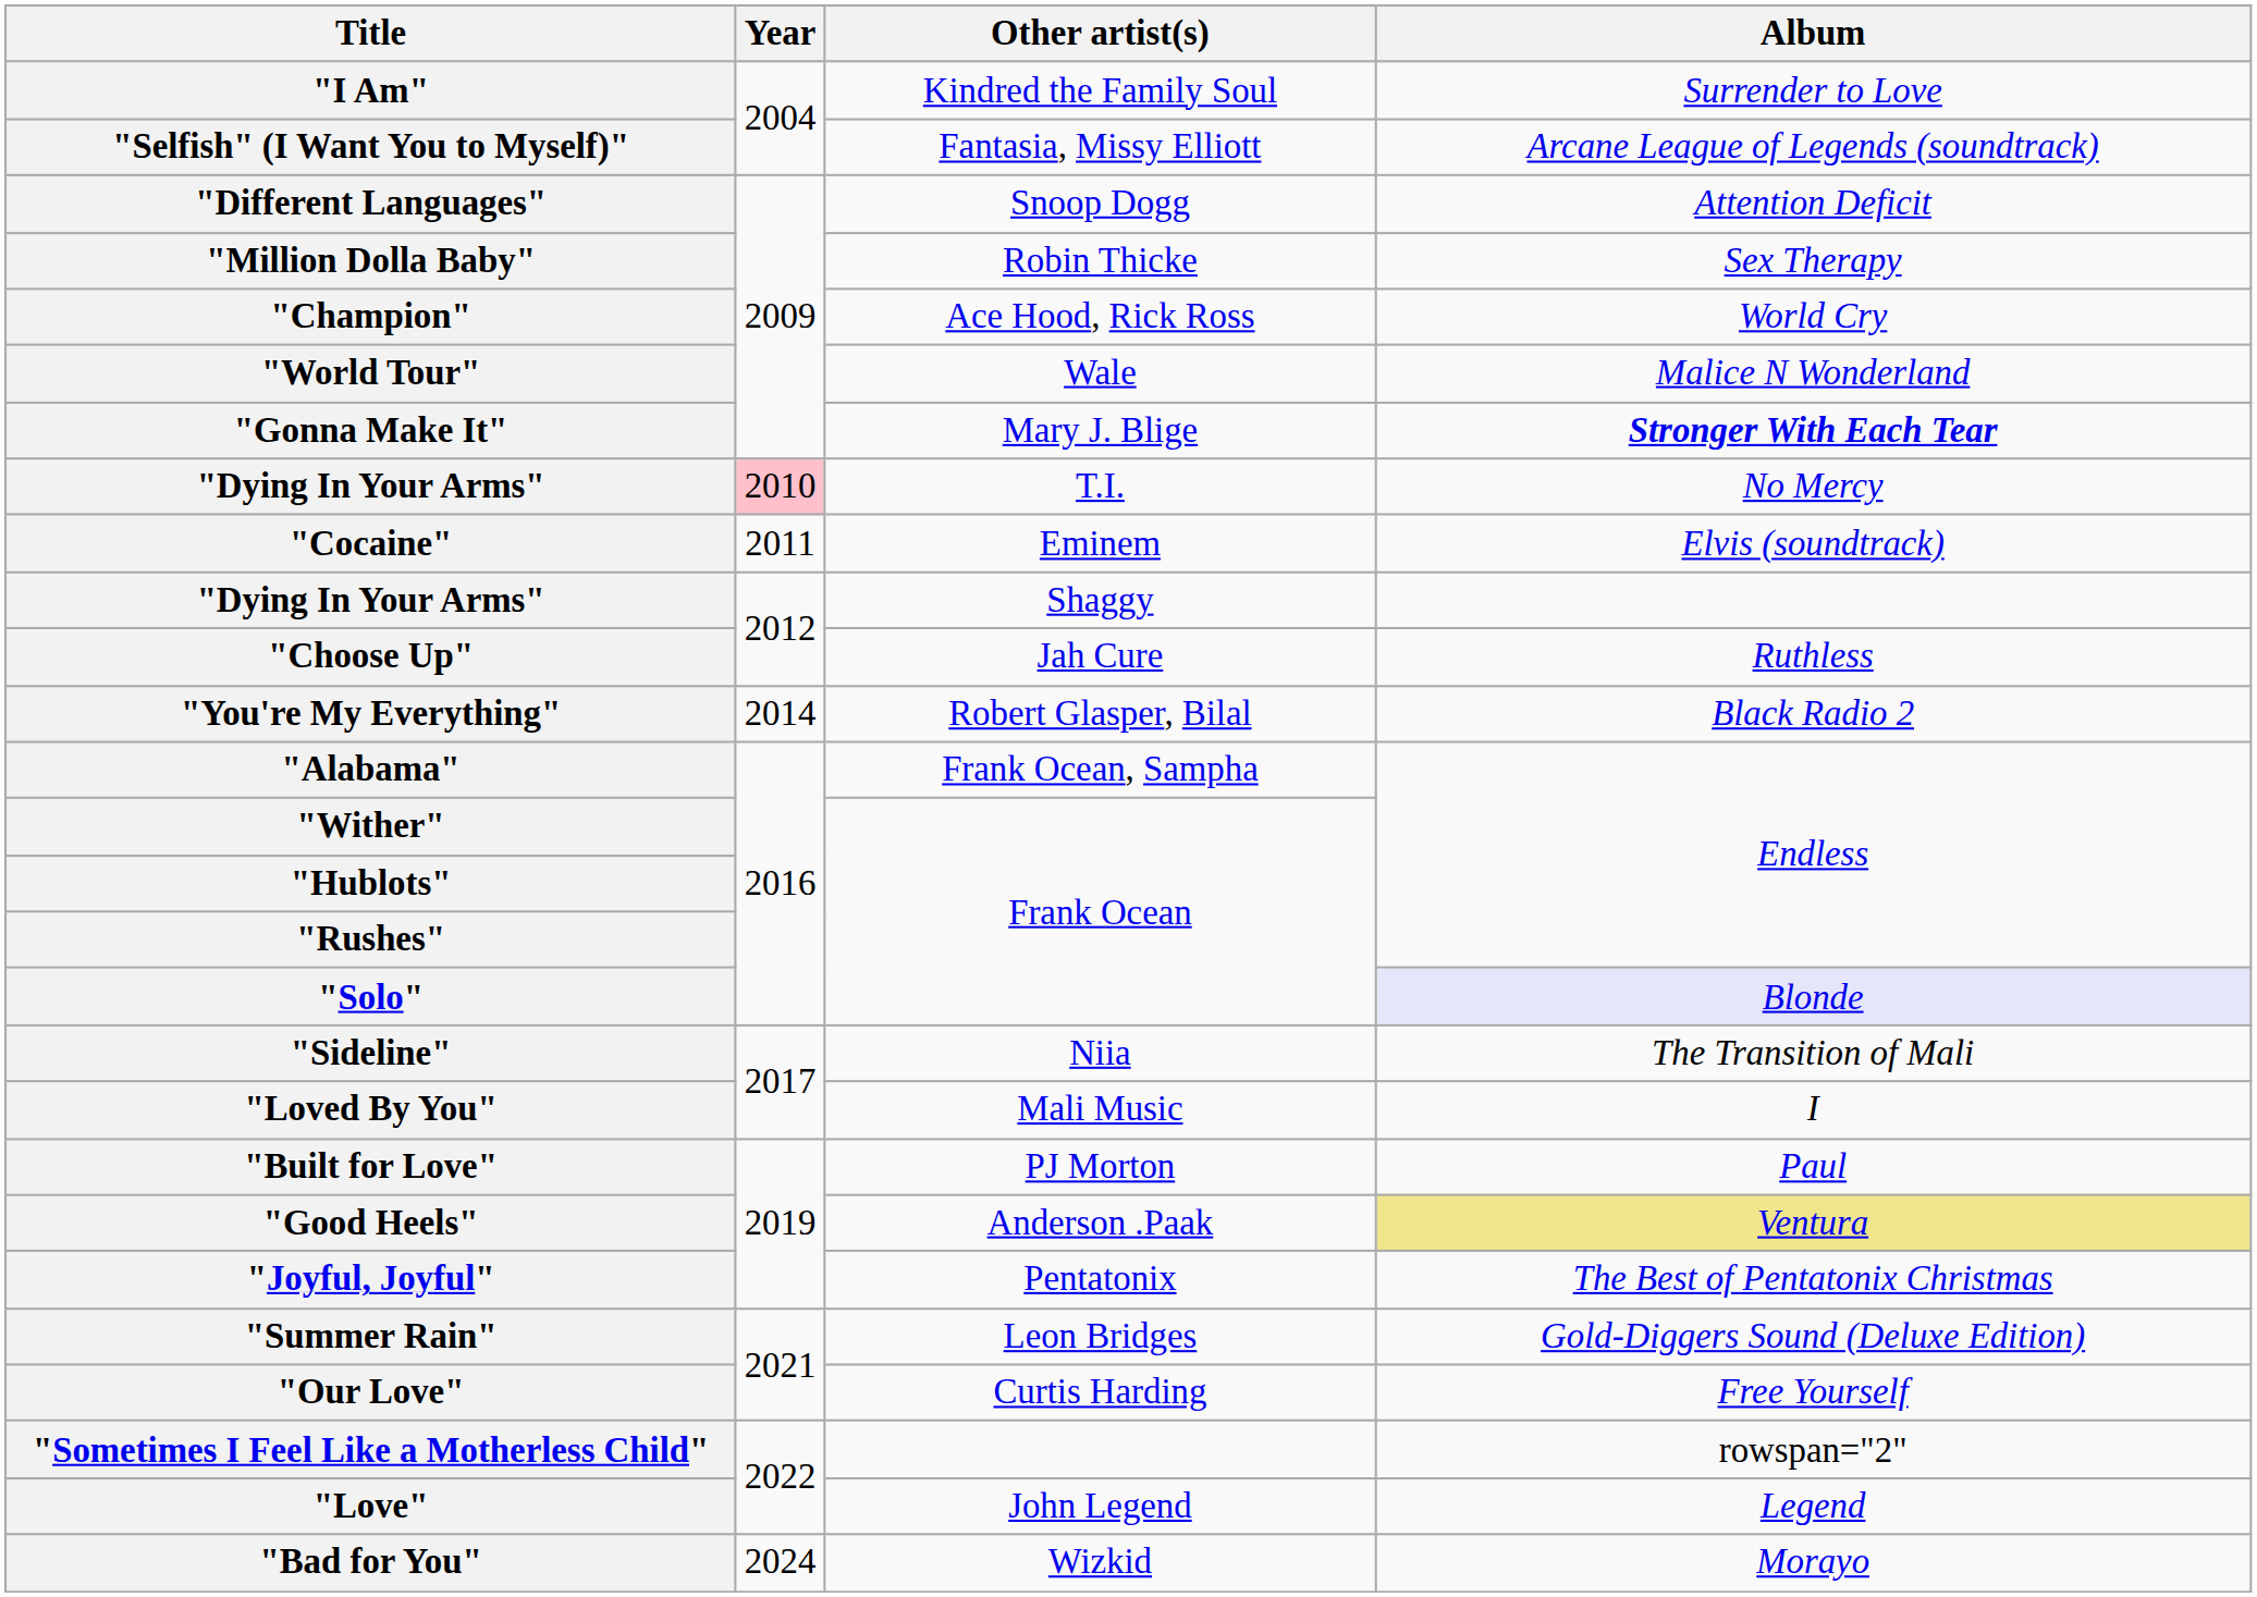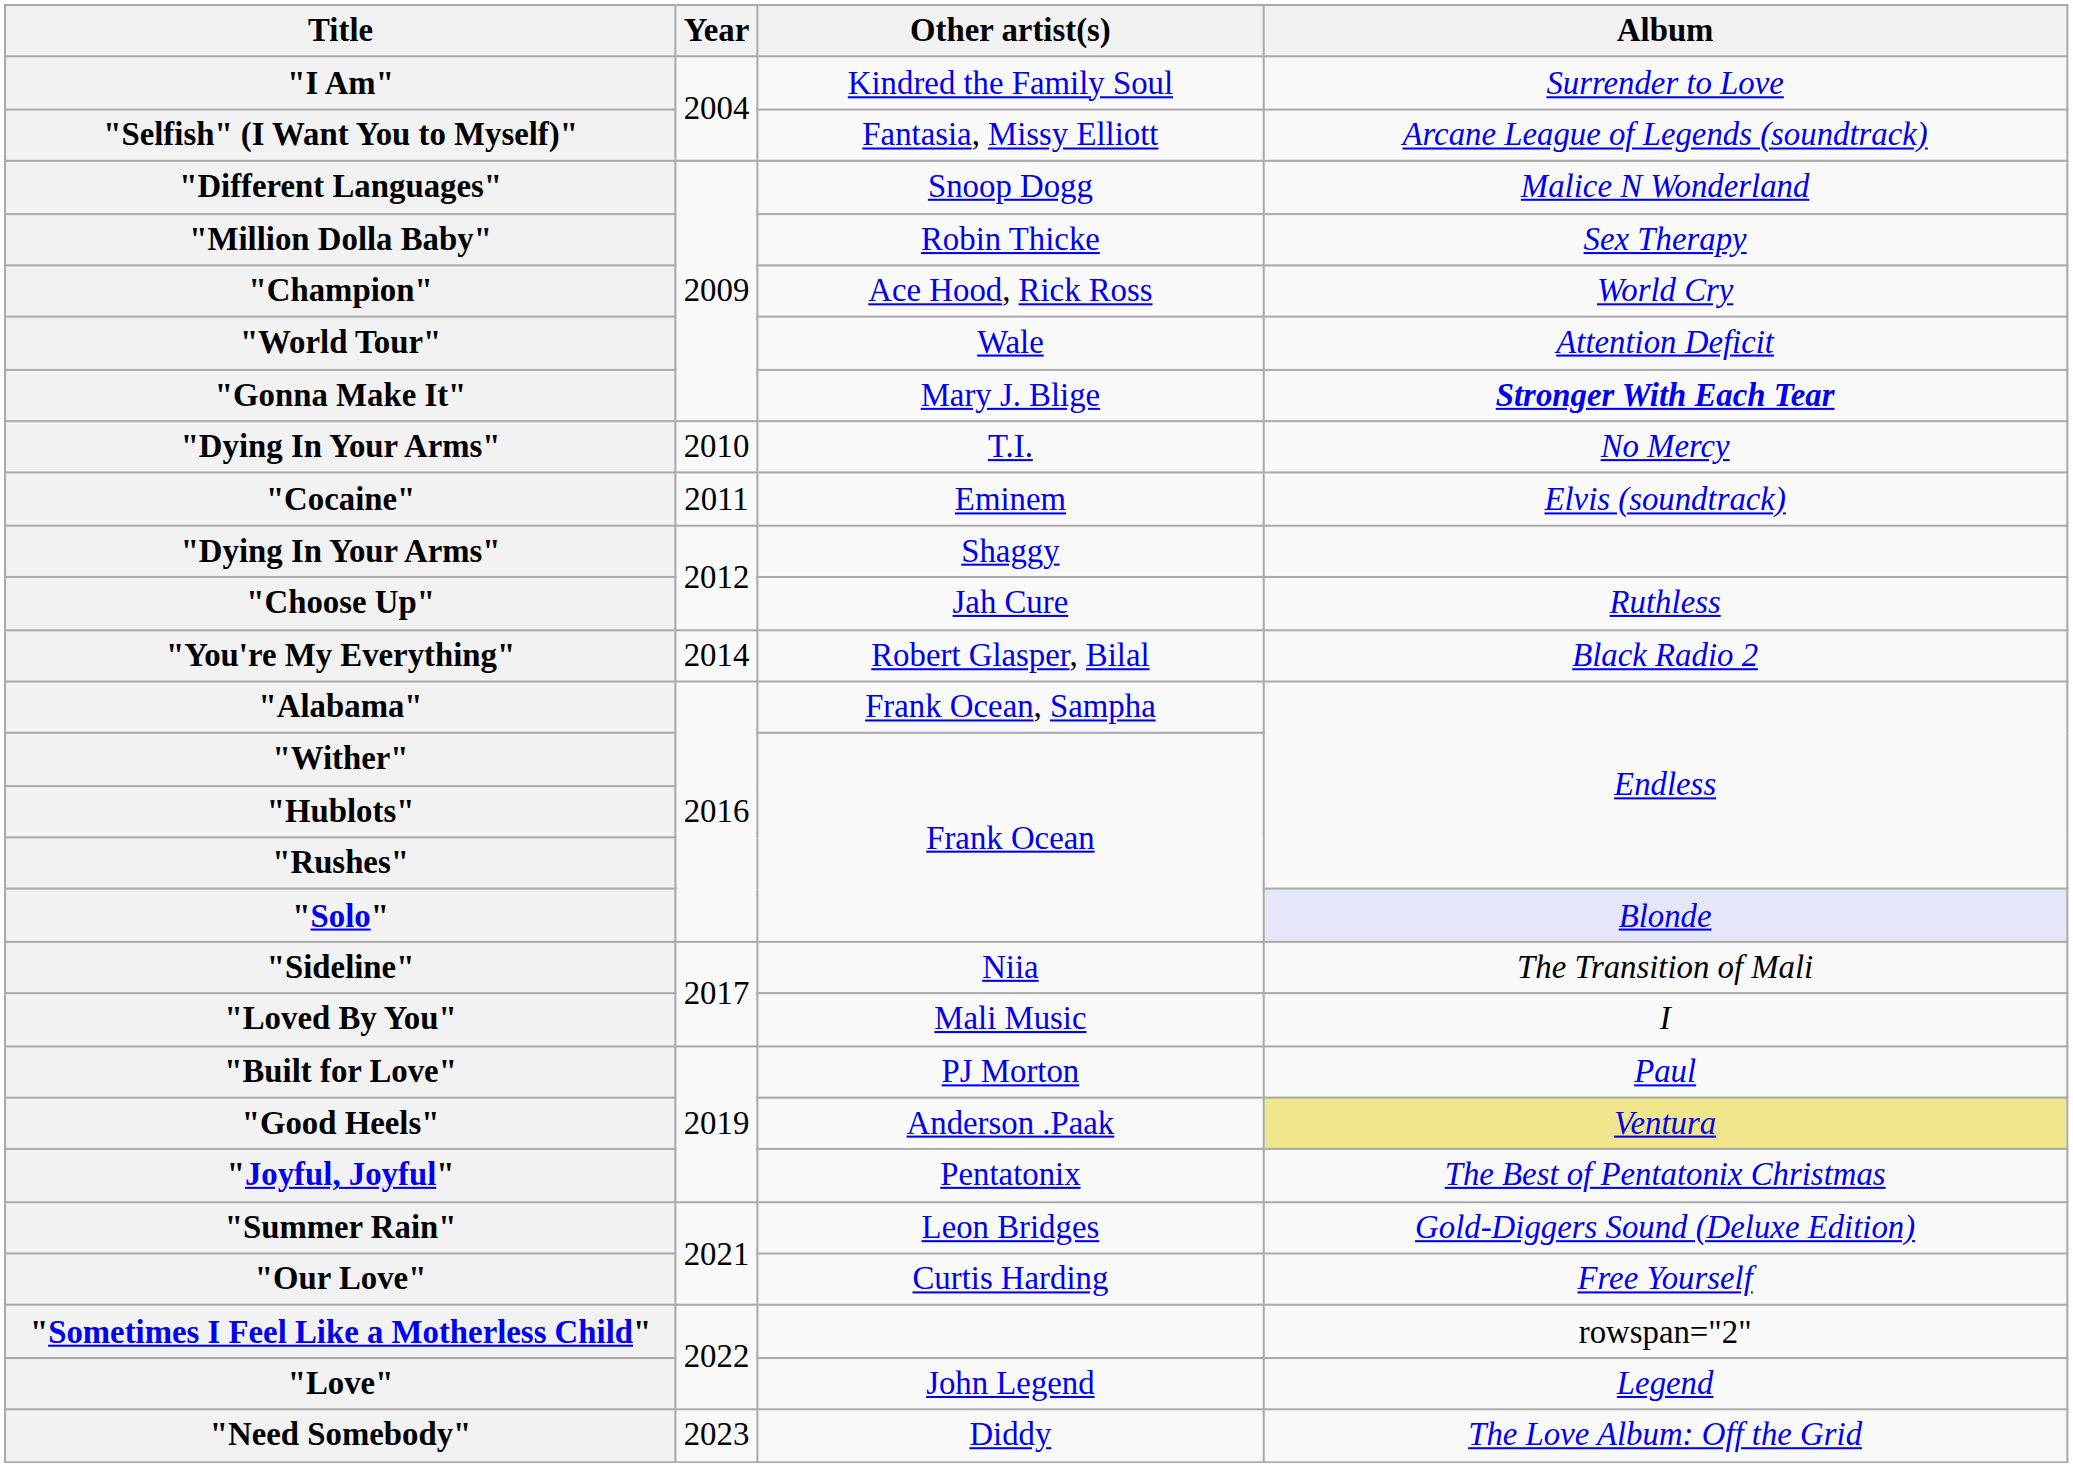 <table class="wikitable plainrowheaders" style="text-align:center;">
 <tr>
 <th scope="col" style="width:20em;">Title</th>
 <th scope="col" style="width:1em;">Year</th>
 <th scope="col" style="width:15em;">Other artist(s)</th>
 <th scope="col" style="width:24em;">Album</th>
 </tr>
 <tr>
 <th scope="row">"I Am"</th>
 <td rowspan="2">2004</td>
 <td><a href='#'>Kindred the Family Soul</a></td>
 <td><em><a href='#'>Surrender to Love</a></em></td>
 </tr>
 <tr>
 <th scope="row">"Selfish" (I Want You to Myself)"</th>
 <td><a href='#'>Fantasia</a>, <a href='#'>Missy Elliott</a></td>
 <td><em><a href='#'>Arcane League of Legends (soundtrack)</a></em></td>
 </tr>
 <tr>
 <th scope="row">"Different Languages"</th>
 <td rowspan="5">2009</td>
 <td><a href='#'>Snoop Dogg</a></td>
-<td><em><a href='#'>Attention Deficit</a></em></td>
+<td><em><a href='#'>Malice N Wonderland</a></em></td>
 </tr>
 <tr>
 <th scope="row">"Million Dolla Baby"</th>
 <td><a href='#'>Robin Thicke</a></td>
 <td><em><a href='#'>Sex Therapy</a></em></td>
 </tr>
 <tr>
 <th scope="row">"Champion"</th>
 <td><a href='#'>Ace Hood</a>, <a href='#'>Rick Ross</a></td>
 <td><em><a href='#'>World Cry</a></em></td>
 </tr>
 <tr>
 <th scope="row">"World Tour"</th>
 <td><a href='#'>Wale</a></td>
-<td><em><a href='#'>Malice N Wonderland</a></em></td>
+<td><em><a href='#'>Attention Deficit</a></em></td>
 </tr>
 <tr>
 <th scope="row">"Gonna Make It"</th>
 <td><a href='#'>Mary J. Blige</a></td>
 <td><strong><em><a href='#'>Stronger With Each Tear</a></em></strong></td>
 </tr>
 <tr>
 <th scope="row">"Dying In Your Arms"</th>
-<td style="background: pink;">2010</td>
+<td>2010</td>
 <td><a href='#'>T.I.</a></td>
 <td><em><a href='#'>No Mercy</a></em></td>
 </tr>
 <tr>
 <th scope="row">"Cocaine"</th>
 <td>2011</td>
 <td><a href='#'>Eminem</a></td>
 <td><em><a href='#'>Elvis (soundtrack)</a></em></td>
 </tr>
 <tr>
 <th scope="row">"Dying In Your Arms"</th>
 <td rowspan="2">2012</td>
 <td><a href='#'>Shaggy</a></td>
 </tr>
 <tr>
 <th scope="row">"Choose Up"</th>
 <td><a href='#'>Jah Cure</a></td>
 <td><em><a href='#'>Ruthless</a></em></td>
 </tr>
 <tr>
 <th scope="row">"You're My Everything"</th>
 <td>2014</td>
 <td><a href='#'>Robert Glasper</a>, <a href='#'>Bilal</a></td>
 <td><em><a href='#'>Black Radio 2</a></em></td>
 </tr>
 <tr>
 <th scope="row">"Alabama"</th>
 <td rowspan="5">2016</td>
 <td><a href='#'>Frank Ocean</a>, <a href='#'>Sampha</a></td>
 <td rowspan="4"><em><a href='#'>Endless</a></em></td>
 </tr>
 <tr>
 <th scope="row">"Wither"</th>
 <td rowspan="4"><a href='#'>Frank Ocean</a></td>
 </tr>
 <tr>
 <th scope="row">"Hublots"</th>
 </tr>
 <tr>
 <th scope="row">"Rushes"</th>
 </tr>
 <tr>
 <th scope="row">"<a href='#'>Solo</a>"</th>
 <td style="background: lavender;"><em><a href='#'>Blonde</a></em></td>
 </tr>
 <tr>
 <th scope="row">"Sideline"</th>
 <td rowspan="2">2017</td>
 <td><a href='#'>Niia</a></td>
 <td><em>The Transition of Mali</em></td>
 </tr>
 <tr>
 <th scope="row">"Loved By You"</th>
 <td><a href='#'>Mali Music</a></td>
 <td><em>I</em></td>
 </tr>
 <tr>
 <th scope="row">"Built for Love"</th>
 <td rowspan="3">2019</td>
 <td><a href='#'>PJ Morton</a></td>
 <td><em><a href='#'>Paul</a></em></td>
 </tr>
 <tr>
 <th scope="row">"Good Heels"</th>
 <td><a href='#'>Anderson .Paak</a></td>
 <td style="background: khaki;"><em><a href='#'>Ventura</a></em></td>
 </tr>
 <tr>
 <th scope="row">"<a href='#'>Joyful, Joyful</a>"</th>
 <td><a href='#'>Pentatonix</a></td>
 <td><em><a href='#'>The Best of Pentatonix Christmas</a></em></td>
 </tr>
 <tr>
 <th scope="row">"Summer Rain"</th>
 <td rowspan="2">2021</td>
 <td><a href='#'>Leon Bridges</a></td>
 <td><em><a href='#'>Gold-Diggers Sound (Deluxe Edition)</a></em></td>
 </tr>
 <tr>
 <th scope="row">"Our Love"</th>
 <td><a href='#'>Curtis Harding</a></td>
 <td><em><a href='#'>Free Yourself</a></em></td>
 </tr>
 <tr>
 <th scope="row">"<a href='#'>Sometimes I Feel Like a Motherless Child</a>"</th>
 <td rowspan="2">2022</td>
 <td></td>
 <td>rowspan="2" </td>
 </tr>
 <tr>
 <th scope="row">"Love"</th>
 <td><a href='#'>John Legend</a></td>
 <td><em><a href='#'>Legend</a></em></td>
 </tr>
 <tr>
-<th scope="row">"Bad for You"</th>
-<td>2024</td>
-<td><a href='#'>Wizkid</a></td>
-<td><em><a href='#'>Morayo</a></em></td>
+<th scope="row">"Need Somebody"</th>
+<td>2023</td>
+<td><a href='#'>Diddy</a></td>
+<td><em><a href='#'>The Love Album: Off the Grid</a></em></td>
 </tr>
 <tr>
 </tr>
 </table>
